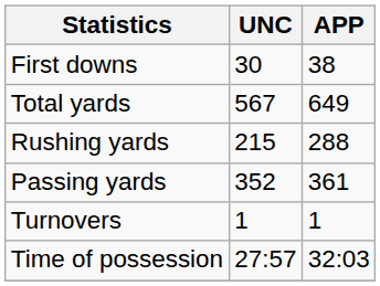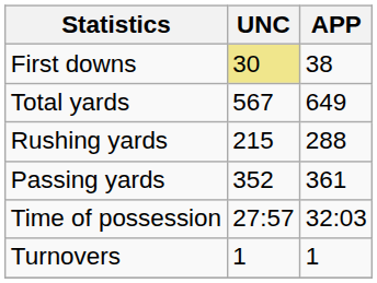 <table class="wikitable" style="float: left;">
 <tr>
 <th>Statistics</th>
 <th>UNC</th>
 <th>APP</th>
 </tr>
 <tr>
 <td>First downs</td>
-<td>30</td>
+<td style="background: khaki;">30</td>
 <td>38</td>
 </tr>
 <tr>
 <td>Total yards</td>
 <td>567</td>
 <td>649</td>
 </tr>
 <tr>
 <td>Rushing yards</td>
 <td>215</td>
 <td>288</td>
 </tr>
 <tr>
 <td>Passing yards</td>
 <td>352</td>
 <td>361</td>
 </tr>
 <tr>
+<td>Time of possession</td>
+<td>27:57</td>
+<td>32:03</td>
+</tr>
+<tr>
 <td>Turnovers</td>
 <td>1</td>
 <td>1</td>
 </tr>
 <tr>
-<td>Time of possession</td>
-<td>27:57</td>
-<td>32:03</td>
-</tr>
-<tr>
 </tr>
 </table>
